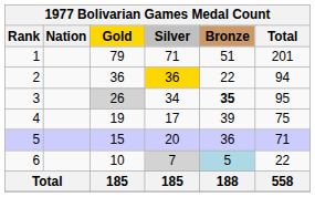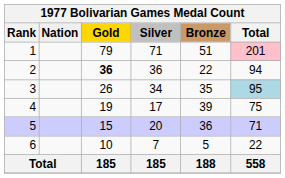 <table class="wikitable" border="2" style="text-align:center">
 <tr>
 <th colspan=6>1977 Bolivarian Games Medal Count</th>
 </tr>
 <tr bgcolor="#efefef">
 <th>Rank</th>
 <td align=left><strong>Nation</strong></td>
 <td bgcolor="gold" align=center width=60><strong>Gold</strong></td>
 <td bgcolor="silver" align=center width=60><strong>Silver</strong></td>
 <td bgcolor="CC9966" align=center width=60><strong>Bronze</strong></td>
 <th width=60>Total</th>
 </tr>
 <tr>
 <td align=right>1</td>
 <td align=left></td>
 <td>79</td>
 <td>71</td>
 <td>51</td>
-<td>201</td>
+<td style="background: pink;">201</td>
 </tr>
 <tr>
 <td align=right>2</td>
 <td align=left></td>
+<td><strong>36</strong></td>
 <td>36</td>
-<td style="background: gold;">36</td>
 <td>22</td>
 <td>94</td>
 </tr>
 <tr>
 <td align=right>3</td>
 <td align=left></td>
-<td style="background: lightgrey;">26</td>
+<td>26</td>
 <td>34</td>
-<td><strong>35</strong></td>
-<td>95</td>
+<td>35</td>
+<td style="background: lightblue;">95</td>
 </tr>
 <tr>
 <td align=right>4</td>
 <td align=left></td>
 <td>19</td>
 <td>17</td>
 <td>39</td>
 <td>75</td>
 </tr>
 <tr style="background:#ccccff">
 <td align=right>5</td>
 <td align=left></td>
 <td>15</td>
 <td>20</td>
 <td>36</td>
 <td>71</td>
 </tr>
 <tr>
 <td align=right>6</td>
 <td align=left></td>
 <td>10</td>
-<td style="background: lightgrey;">7</td>
-<td style="background: lightblue;">5</td>
+<td>7</td>
+<td>5</td>
 <td>22</td>
 </tr>
 <tr>
 <th colspan="2">Total</th>
 <th>185</th>
 <th>185</th>
 <th>188</th>
 <th>558</th>
 </tr>
 <tr>
 </tr>
 </table>
